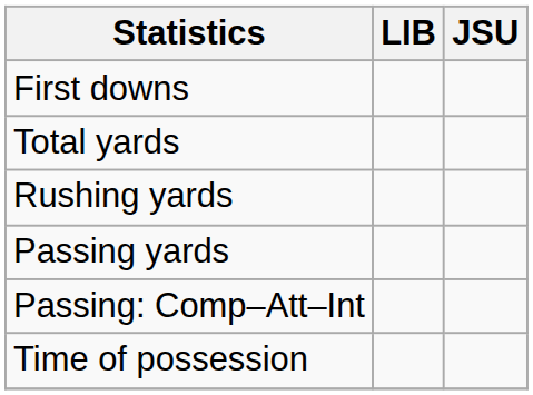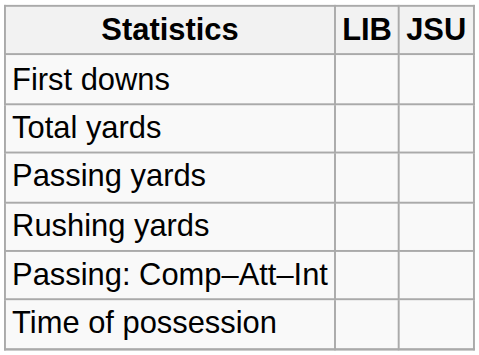 <table class="wikitable" style="float: left;">
 <tr>
 <th>Statistics</th>
 <th>LIB</th>
 <th>JSU</th>
 </tr>
 <tr>
 <td>First downs</td>
 <td></td>
 <td></td>
 </tr>
 <tr>
 <td>Total yards</td>
 <td></td>
 <td></td>
 </tr>
 <tr>
-<td>Rushing yards</td>
+<td>Passing yards</td>
 <td></td>
 <td></td>
 </tr>
 <tr>
-<td>Passing yards</td>
+<td>Rushing yards</td>
 <td></td>
 <td></td>
 </tr>
 <tr>
 <td>Passing: Comp–Att–Int</td>
 <td></td>
 <td></td>
 </tr>
 <tr>
 <td>Time of possession</td>
 <td></td>
 <td></td>
 </tr>
 <tr>
 </tr>
 </table>
